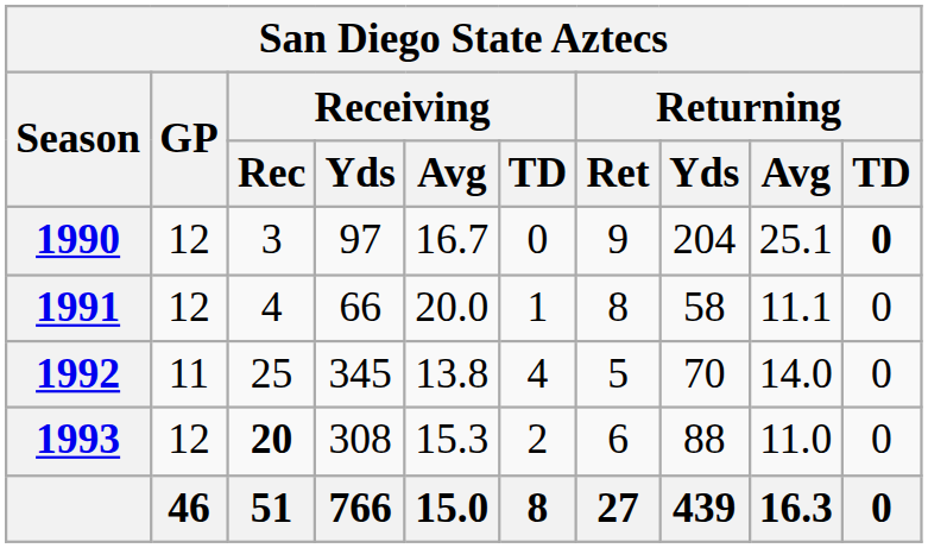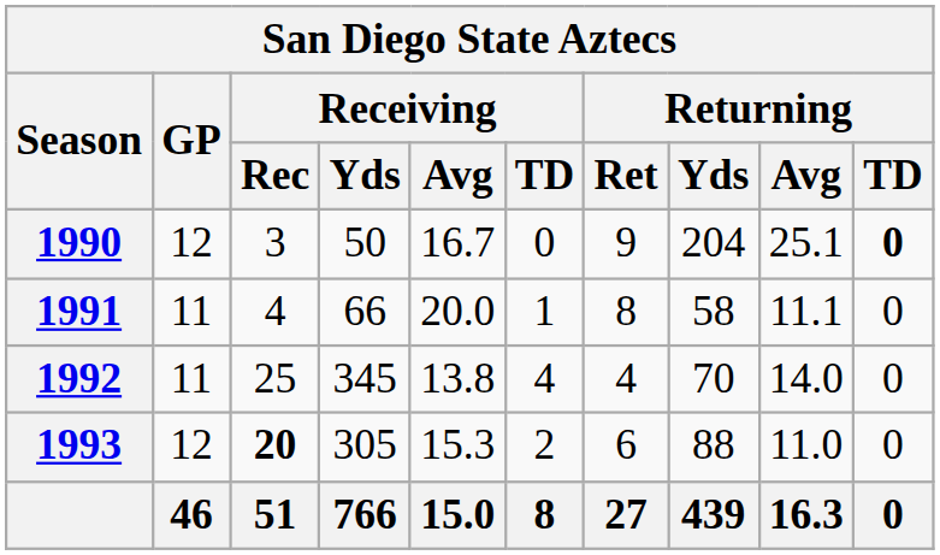 <table class="wikitable" style="text-align: center;">
 <tr>
 <th colspan="10">San Diego State Aztecs</th>
 </tr>
 <tr>
 <th rowspan="2">Season</th>
 <th colspan="1" rowspan="2">GP</th>
 <th colspan="4">Receiving</th>
 <th colspan="4">Returning</th>
 </tr>
 <tr>
 <th>Rec</th>
 <th>Yds</th>
 <th>Avg</th>
 <th>TD</th>
 <th>Ret</th>
 <th>Yds</th>
 <th>Avg</th>
 <th>TD</th>
 </tr>
 <tr>
 <th><a href='#'>1990</a></th>
 <td>12</td>
 <td>3</td>
-<td>97</td>
+<td>50</td>
 <td>16.7</td>
 <td>0</td>
 <td>9</td>
 <td>204</td>
 <td>25.1</td>
 <td><strong>0</strong></td>
 </tr>
 <tr>
 <th><a href='#'>1991</a></th>
-<td>12</td>
+<td>11</td>
 <td>4</td>
 <td>66</td>
 <td>20.0</td>
 <td>1</td>
 <td>8</td>
 <td>58</td>
 <td>11.1</td>
 <td>0</td>
 </tr>
 <tr>
 <th><a href='#'>1992</a></th>
 <td>11</td>
 <td>25</td>
 <td>345</td>
 <td>13.8</td>
 <td>4</td>
-<td>5</td>
+<td>4</td>
 <td>70</td>
 <td>14.0</td>
 <td>0</td>
 </tr>
 <tr>
 <th><a href='#'>1993</a></th>
 <td>12</td>
 <td><strong>20</strong></td>
-<td>308</td>
+<td>305</td>
 <td>15.3</td>
 <td>2</td>
 <td>6</td>
 <td>88</td>
 <td>11.0</td>
 <td>0</td>
 </tr>
 <tr>
 <th></th>
 <th>46</th>
 <th>51</th>
 <th>766</th>
 <th>15.0</th>
 <th>8</th>
 <th>27</th>
 <th>439</th>
 <th>16.3</th>
 <th>0</th>
 </tr>
 </table>
